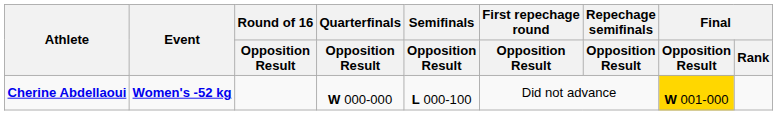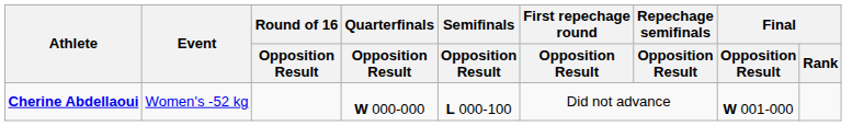 <table class="wikitable" style="font-size:90%">
 <tr>
 <th rowspan="2">Athlete</th>
 <th rowspan="2">Event</th>
 <th>Round of 16</th>
 <th>Quarterfinals</th>
 <th>Semifinals</th>
 <th>First repechage <br>round</th>
 <th>Repechage <br>semifinals</th>
 <th colspan="2">Final</th>
 </tr>
 <tr>
 <th>Opposition<br>Result</th>
 <th>Opposition<br>Result</th>
 <th>Opposition<br>Result</th>
 <th>Opposition<br>Result</th>
 <th>Opposition<br>Result</th>
 <th>Opposition<br>Result</th>
 <th>Rank</th>
 </tr>
 <tr align=center>
 <td align=left><strong><a href='#'>Cherine Abdellaoui</a></strong></td>
-<td align=left><strong><a href='#'>Women's -52 kg</a></strong></td>
+<td align=left><a href='#'>Women's -52 kg</a></td>
 <td></td>
 <td><br><strong>W</strong> 000-000 </td>
 <td><br><strong>L</strong> 000-100</td>
 <td colspan=2>Did not advance</td>
-<td style="background: gold;"><br><strong>W</strong> 001-000</td>
+<td><br><strong>W</strong> 001-000</td>
 <td></td>
 </tr>
 </table>
